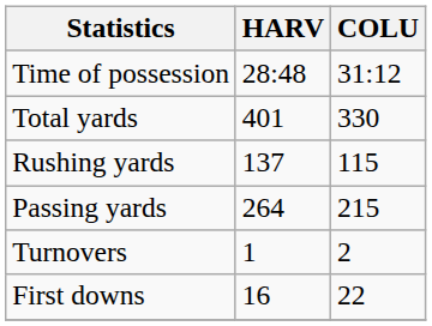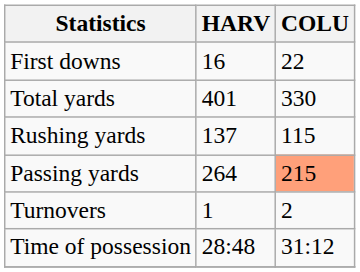 <table class="wikitable" style="float: left;">
 <tr>
 <th>Statistics</th>
 <th>HARV</th>
 <th>COLU</th>
 </tr>
 <tr>
-<td>Time of possession</td>
-<td>28:48</td>
-<td>31:12</td>
+<td>First downs</td>
+<td>16</td>
+<td>22</td>
 </tr>
 <tr>
 <td>Total yards</td>
 <td>401</td>
 <td>330</td>
 </tr>
 <tr>
 <td>Rushing yards</td>
 <td>137</td>
 <td>115</td>
 </tr>
 <tr>
 <td>Passing yards</td>
 <td>264</td>
-<td>215</td>
+<td style="background: lightsalmon;">215</td>
 </tr>
 <tr>
 <td>Turnovers</td>
 <td>1</td>
 <td>2</td>
 </tr>
 <tr>
-<td>First downs</td>
-<td>16</td>
-<td>22</td>
+<td>Time of possession</td>
+<td>28:48</td>
+<td>31:12</td>
 </tr>
 <tr>
 </tr>
 </table>
